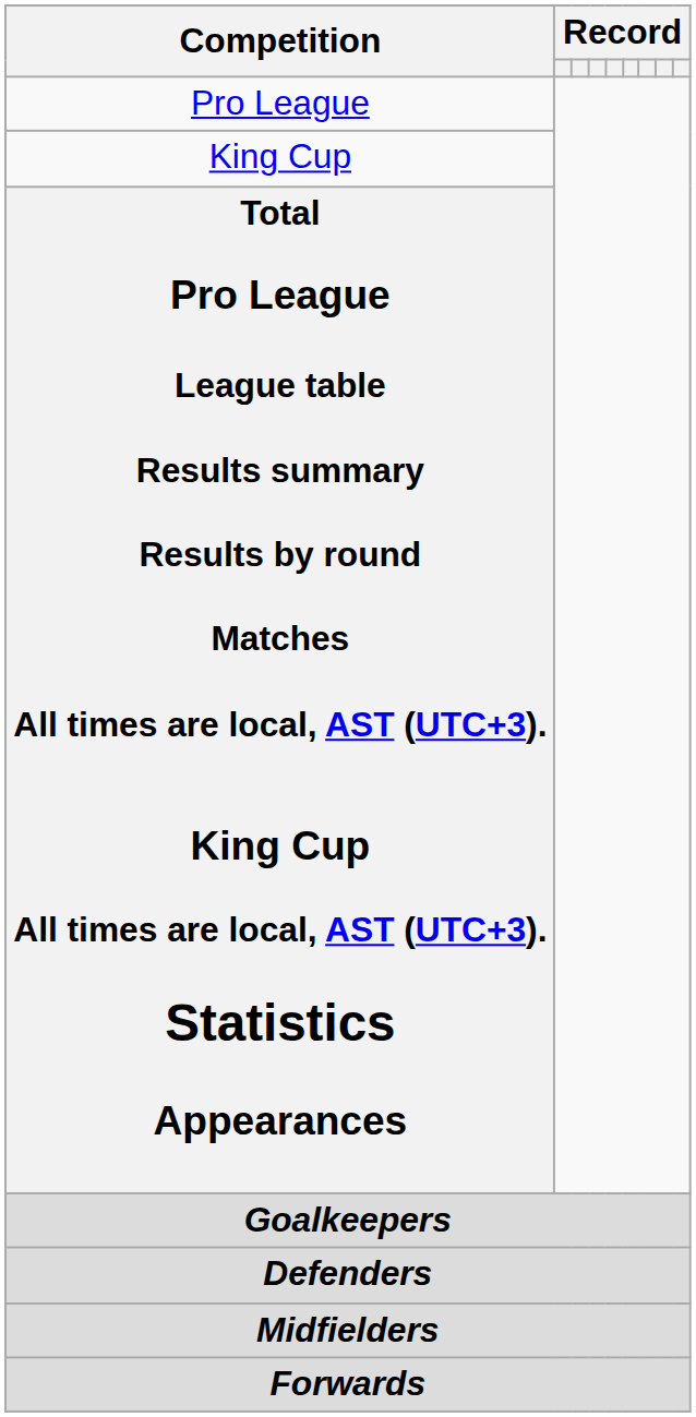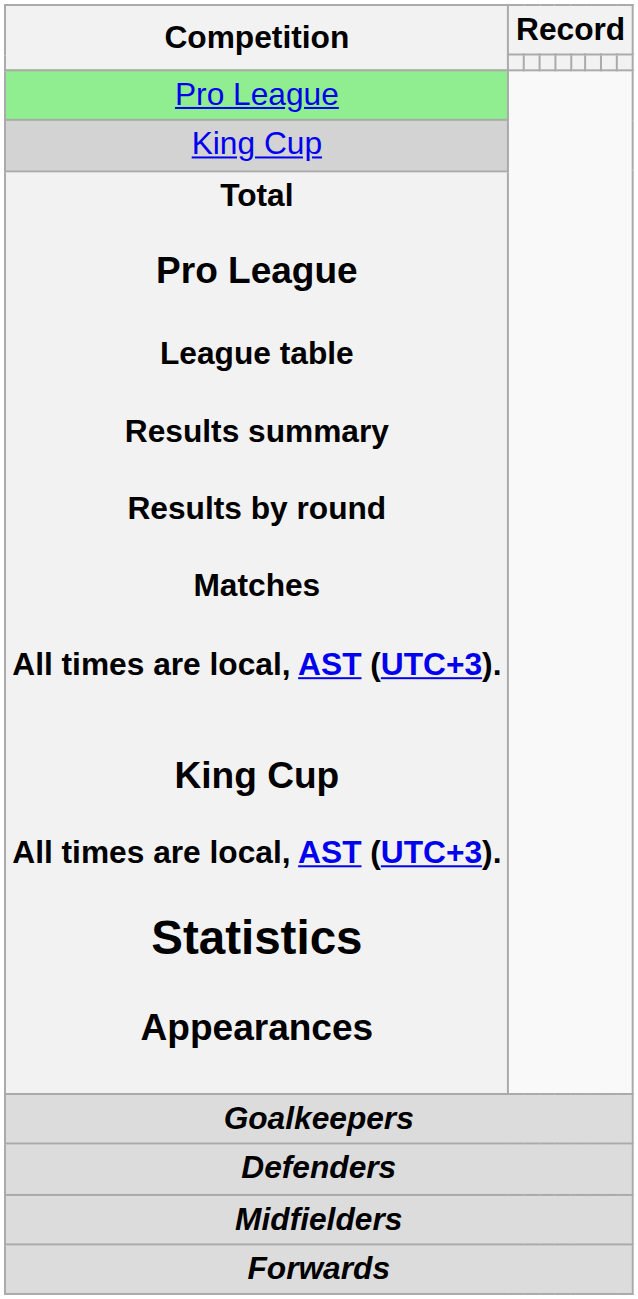 <table class="wikitable" style="text-align: center">
 <tr>
 <th rowspan=2>Competition</th>
 <th colspan=8>Record</th>
 </tr>
 <tr>
 <th></th>
 <th></th>
 <th></th>
 <th></th>
 <th></th>
 <th></th>
 <th></th>
 <th></th>
 </tr>
 <tr>
-<td><a href='#'>Pro League</a><br></td>
+<td style="background: lightgreen;"><a href='#'>Pro League</a><br></td>
 </tr>
 <tr>
-<td><a href='#'>King Cup</a><br></td>
+<td style="background: lightgrey;"><a href='#'>King Cup</a><br></td>
 </tr>
 <tr>
 <th>Total<br> <h3>Pro League</h3><h4>League table</h4><h4>Results summary</h4> <h4>Results by round</h4><h4>Matches</h4>All times are local, <a href='#'>AST</a> (<a href='#'>UTC+3</a>).<br>   <br>                             <h3>King Cup</h3> All times are local, <a href='#'>AST</a> (<a href='#'>UTC+3</a>).<br>   <h2>Statistics</h2><h3>Appearances</h3></th>
 </tr>
 <tr>
 <th colspan=10 style=background:#dcdcdc; text-align:center><em>Goalkeepers</em><br>   </th>
 </tr>
 <tr>
 <th colspan=10 style=background:#dcdcdc; text-align:center><em>Defenders</em><br>           </th>
 </tr>
 <tr>
 <th colspan=10 style=background:#dcdcdc; text-align:center><em>Midfielders</em><br>                </th>
 </tr>
 <tr>
 <th colspan=10 style=background:#dcdcdc; text-align:center><em>Forwards</em><br>  </th>
 </tr>
 </table>
